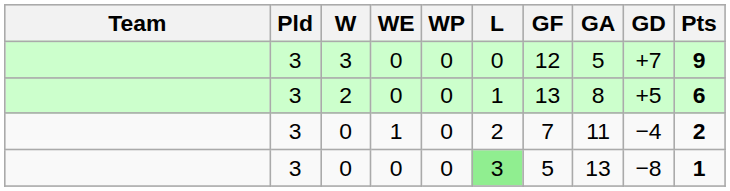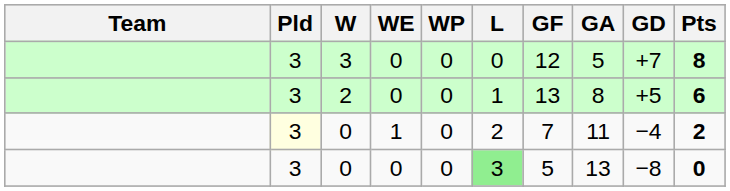 <table class="wikitable" style="text-align: center; font-size:90% ">
 <tr>
 <th width=160>Team</th>
 <th width=25>Pld</th>
 <th width=25>W</th>
 <th width=25>WE</th>
 <th width=25>WP</th>
 <th width=25>L</th>
 <th width=25>GF</th>
 <th width=25>GA</th>
 <th width=25>GD</th>
 <th width=25>Pts</th>
 </tr>
 <tr bgcolor=ccffcc>
 <td align=left></td>
 <td>3</td>
 <td>3</td>
 <td>0</td>
 <td>0</td>
 <td>0</td>
 <td>12</td>
 <td>5</td>
 <td>+7</td>
-<td><strong>9</strong></td>
+<td><strong>8</strong></td>
 </tr>
 <tr bgcolor=ccffcc>
 <td align=left></td>
 <td>3</td>
 <td>2</td>
 <td>0</td>
 <td>0</td>
 <td>1</td>
 <td>13</td>
 <td>8</td>
 <td>+5</td>
 <td><strong>6</strong></td>
 </tr>
 <tr>
 <td align=left></td>
-<td>3</td>
+<td style="background: lightyellow;">3</td>
 <td>0</td>
 <td>1</td>
 <td>0</td>
 <td>2</td>
 <td>7</td>
 <td>11</td>
 <td>−4</td>
 <td><strong>2</strong></td>
 </tr>
 <tr>
 <td align=left></td>
 <td>3</td>
 <td>0</td>
 <td>0</td>
 <td>0</td>
 <td style="background: lightgreen;">3</td>
 <td>5</td>
 <td>13</td>
 <td>−8</td>
-<td><strong>1</strong></td>
+<td><strong>0</strong></td>
 </tr>
 </table>
